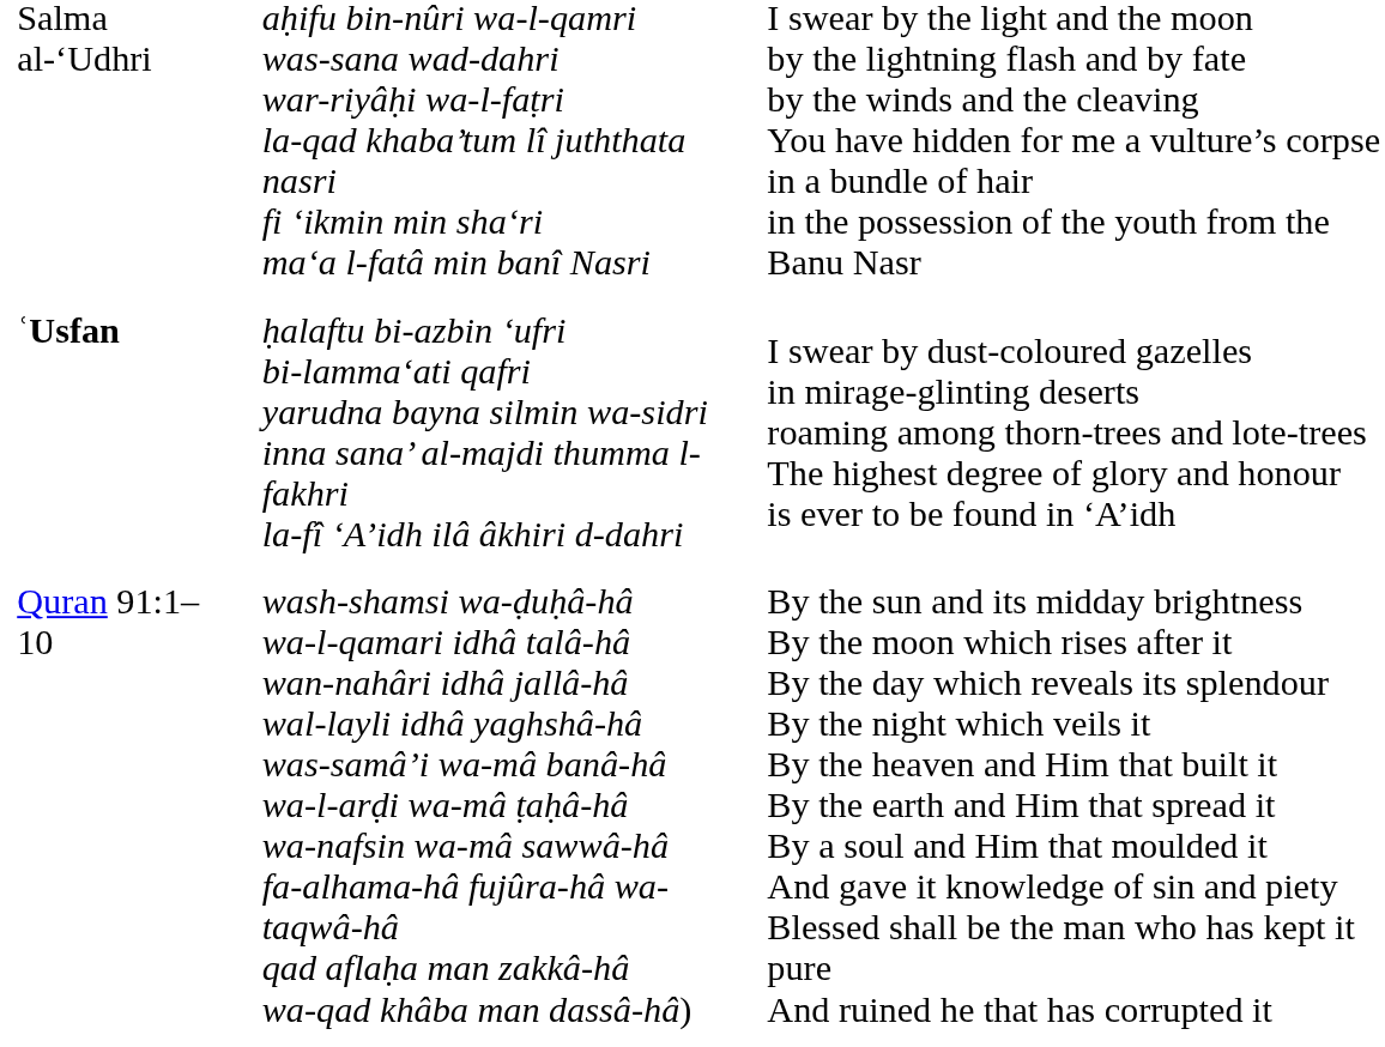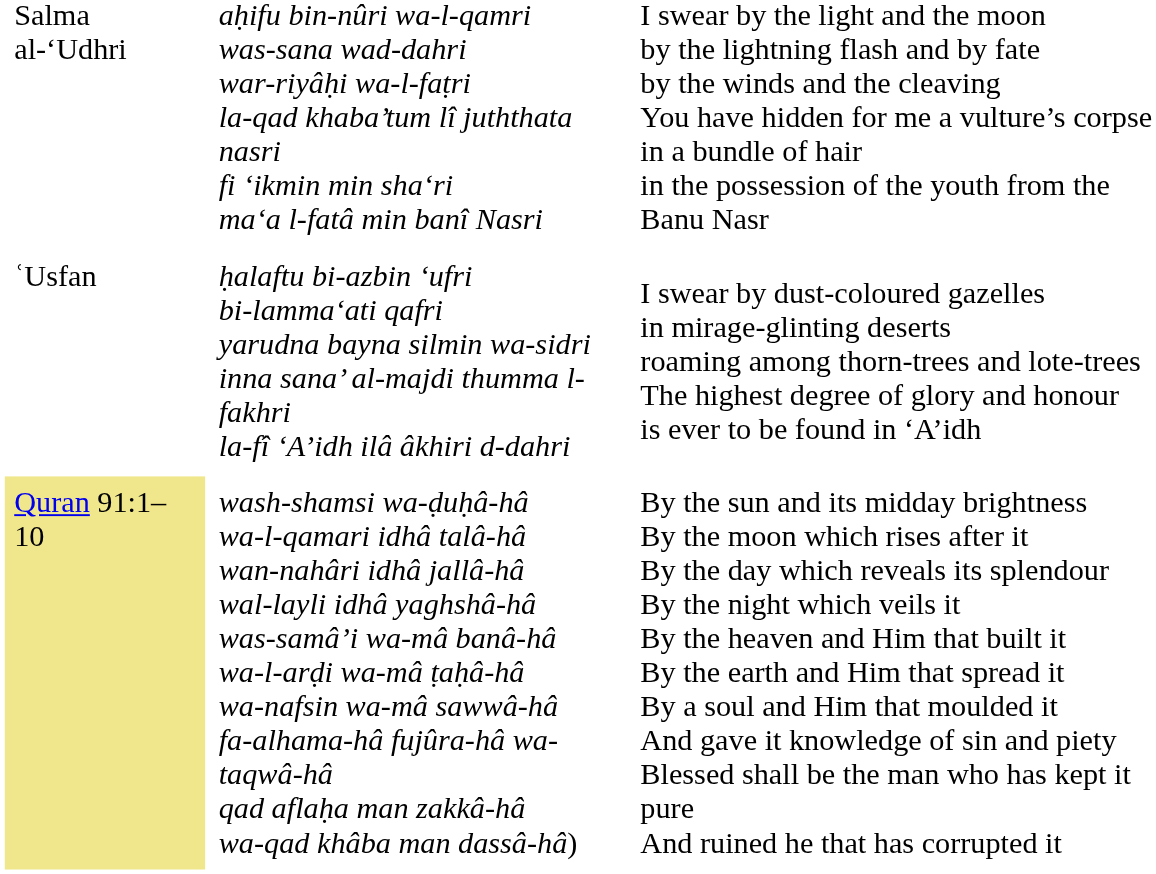 <table cellpadding=5>
 <tr>
 <td style="vertical-align:top;">Salma al-‘Udhri</td>
 <td><em>aḥifu bin-nûri wa-l-qamri</em><br><em>was-sana wad-dahri</em><br> <em>war-riyâḥi wa-l-faṭri</em><br> <em>la-qad khaba’tum lî juththata nasri</em><br> <em>fi ‘ikmin min sha‘ri</em><br> <em>ma‘a l-fatâ min banî Nasri</em></td>
 <td>I swear by the light and the moon<br>by the lightning flash and by fate<br> by the winds and the cleaving<br> You have hidden for me a vulture’s corpse<br> in a bundle of hair<br> in the possession of the youth from the Banu Nasr</td>
 </tr>
 <tr>
-<td style="vertical-align:top;"><strong>ʿUsfan</strong></td>
+<td style="vertical-align:top;">ʿUsfan</td>
 <td><em>ḥalaftu bi-azbin ‘ufri</em><br><em>bi-lamma‘ati qafri</em><br> <em>yarudna bayna silmin wa-sidri</em><br> <em>inna sana’ al-majdi thumma l-fakhri</em><br> <em>la-fî ‘A’idh ilâ âkhiri d-dahri</em></td>
 <td>I swear by dust-coloured gazelles<br>in mirage-glinting deserts<br> roaming among thorn-trees and lote-trees<br> The highest degree of glory and honour<br> is ever to be found in ‘A’idh</td>
 </tr>
 <tr>
-<td style="vertical-align:top;"><a href='#'>Quran</a> 91:1–10</td>
+<td style="background: khaki; vertical-align:top;"><a href='#'>Quran</a> 91:1–10</td>
 <td><em>wash-shamsi wa-ḍuḥâ-hâ</em><br><em>wa-l-qamari idhâ talâ-hâ</em><br> <em>wan-nahâri idhâ jallâ-hâ</em><br> <em>wal-layli idhâ yaghshâ-hâ</em><br> <em>was-samâ’i wa-mâ banâ-hâ</em><br> <em>wa-l-arḍi wa-mâ ṭaḥâ-hâ</em><br> <em>wa-nafsin wa-mâ sawwâ-hâ</em><br> <em>fa-alhama-hâ fujûra-hâ wa-taqwâ-hâ</em><br> <em>qad aflaḥa man zakkâ-hâ</em><br> <em>wa-qad khâba man dassâ-hâ</em>)</td>
 <td>By the sun and its midday brightness<br>By the moon which rises after it<br> By the day which reveals its splendour<br> By the night which veils it<br> By the heaven and Him that built it<br> By the earth and Him that spread it<br> By a soul and Him that moulded it<br> And gave it knowledge of sin and piety<br> Blessed shall be the man who has kept it pure<br> And ruined he that has corrupted it</td>
 </tr>
 </table>
